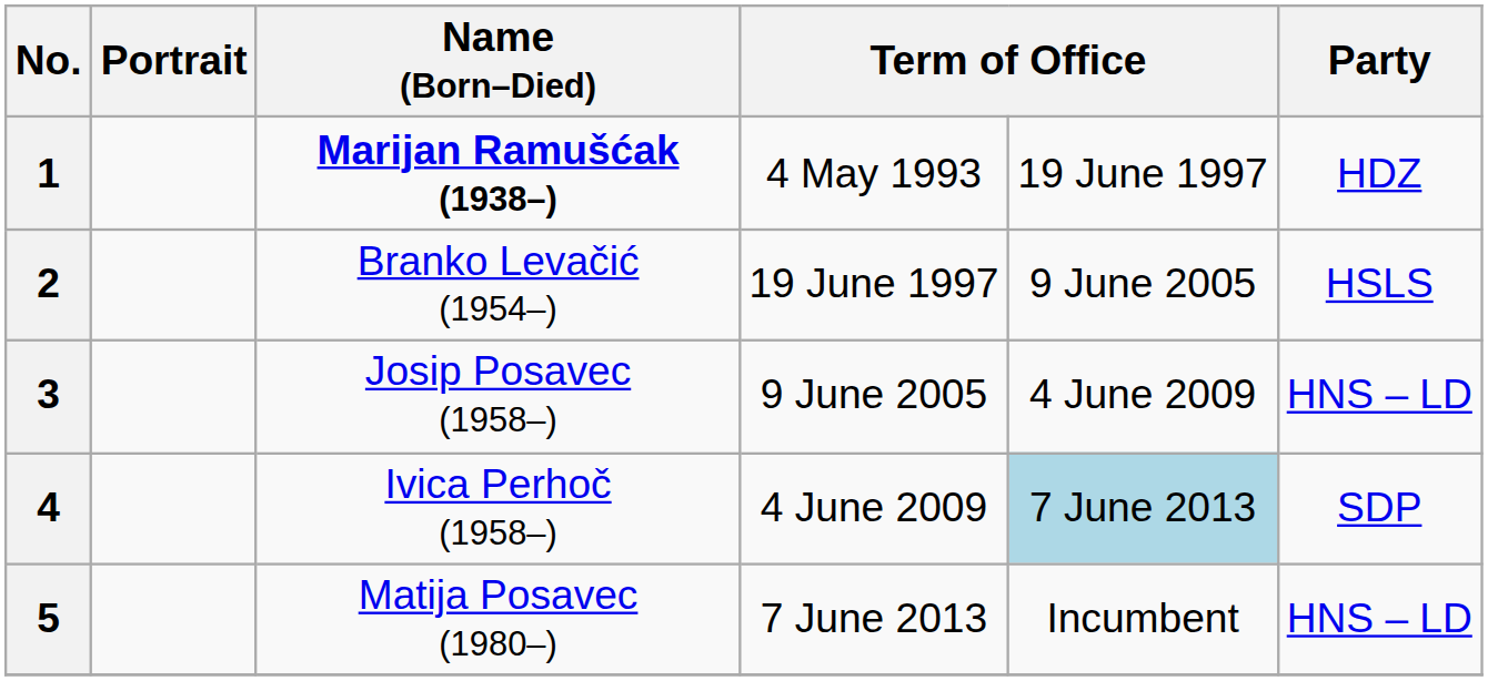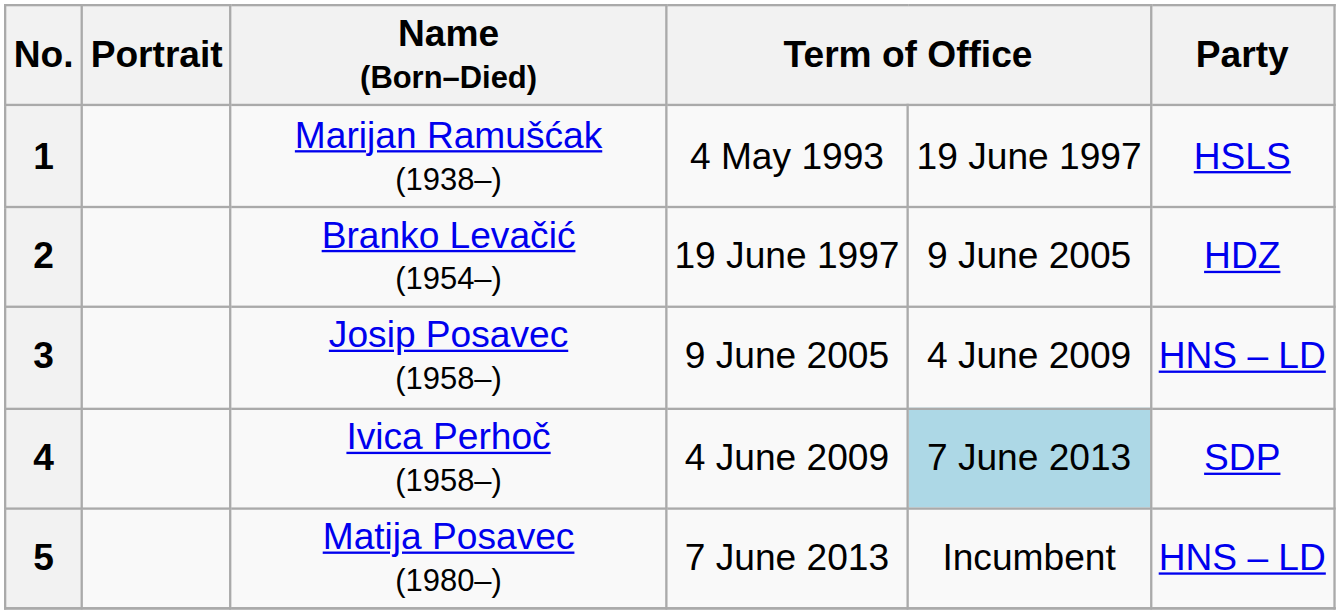 <table class="wikitable" style="text-align:center">
 <tr ->
 <th>No.</th>
 <th>Portrait</th>
 <th width=180>Name<br><small>(Born–Died)</small></th>
 <th colspan=2>Term of Office</th>
 <th>Party</th>
 </tr>
 <tr ->
 <th style="background:">1</th>
 <td></td>
-<td><strong><a href='#'>Marijan Ramušćak</a><br><small>(1938–)</small></strong></td>
+<td><a href='#'>Marijan Ramušćak</a><br><small>(1938–)</small></td>
 <td>4 May 1993</td>
 <td>19 June 1997</td>
-<td><a href='#'>HDZ</a></td>
+<td><a href='#'>HSLS</a></td>
 </tr>
 <tr ->
 <th style="background:">2</th>
 <td></td>
 <td><a href='#'>Branko Levačić</a><br><small>(1954–)</small></td>
 <td>19 June 1997</td>
 <td>9 June 2005</td>
-<td><a href='#'>HSLS</a></td>
+<td><a href='#'>HDZ</a></td>
 </tr>
 <tr ->
 <th style="background:">3</th>
 <td></td>
 <td><a href='#'>Josip Posavec</a><br><small>(1958–)</small></td>
 <td>9 June 2005</td>
 <td>4 June 2009</td>
 <td><a href='#'>HNS – LD</a></td>
 </tr>
 <tr ->
 <th style="background:">4</th>
 <td></td>
 <td><a href='#'>Ivica Perhoč</a><br><small>(1958–)</small></td>
 <td>4 June 2009</td>
 <td style="background: lightblue;">7 June 2013</td>
 <td><a href='#'>SDP</a></td>
 </tr>
 <tr ->
 <th style="background:">5</th>
 <td></td>
 <td><a href='#'>Matija Posavec</a><br><small>(1980–)</small></td>
 <td>7 June 2013</td>
 <td>Incumbent</td>
 <td><a href='#'>HNS – LD</a></td>
 </tr>
 <tr ->
 </tr>
 </table>
